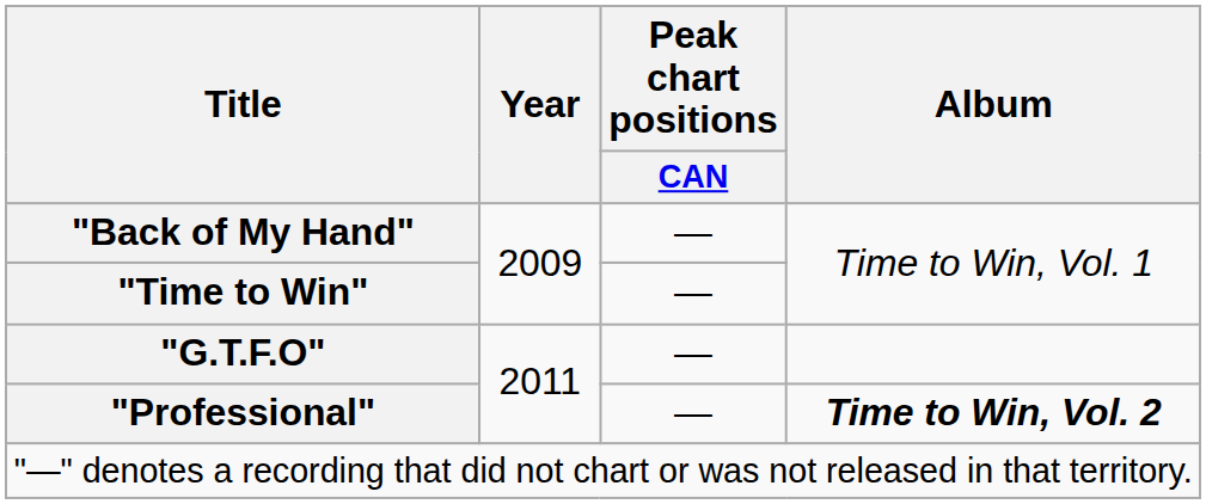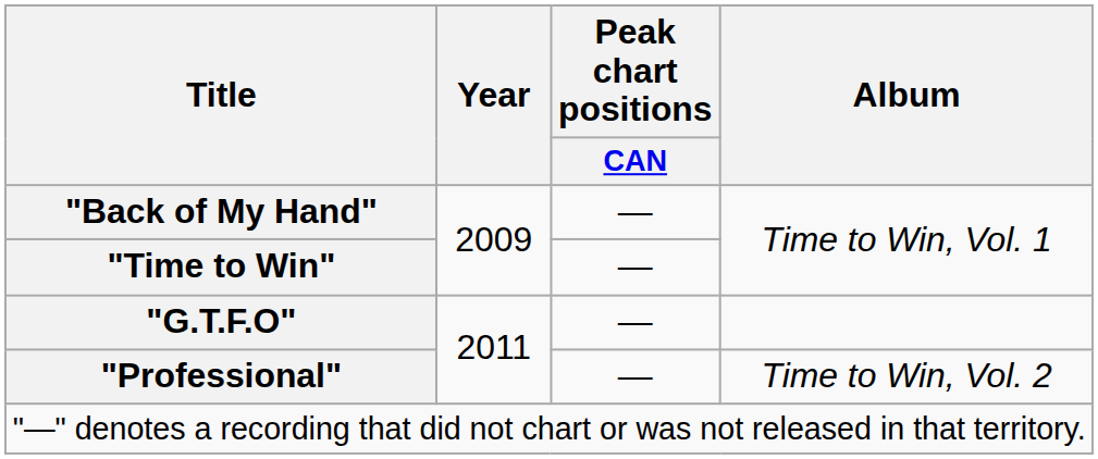 <table class="wikitable plainrowheaders" style="text-align:center;" border="1">
 <tr>
 <th scope="col" rowspan="2" style="width:12em;">Title</th>
 <th scope="col" rowspan="2">Year</th>
 <th scope="col" colspan="1">Peak chart positions</th>
 <th scope="col" rowspan="2">Album</th>
 </tr>
 <tr>
 <th scope="col" style="width:3em;font-size:85%;"><a href='#'>CAN</a><br></th>
 </tr>
 <tr>
 <th scope="row">"Back of My Hand"</th>
 <td rowspan="2">2009</td>
 <td>—</td>
 <td rowspan="2"><em>Time to Win, Vol. 1</em></td>
 </tr>
 <tr>
 <th scope="row">"Time to Win"</th>
 <td>—</td>
 </tr>
 <tr>
 <th scope="row">"G.T.F.O"</th>
 <td rowspan="2">2011</td>
 <td>—</td>
 <td></td>
 </tr>
 <tr>
 <th scope="row">"Professional"</th>
 <td>—</td>
-<td><strong><em>Time to Win, Vol. 2</em></strong></td>
+<td><em>Time to Win, Vol. 2</em></td>
 </tr>
 <tr>
 <td colspan="8" style="font-size:90%">"—" denotes a recording that did not chart or was not released in that territory.</td>
 </tr>
 </table>
